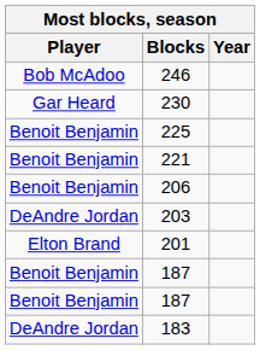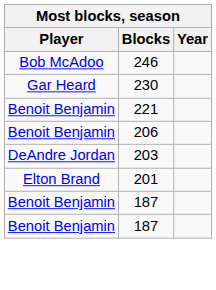 <table class="wikitable sortable" style="text-align:center">
 <tr>
 <th colspan="3">Most blocks, season</th>
 </tr>
 <tr>
 <th>Player</th>
 <th>Blocks</th>
 <th>Year</th>
 </tr>
 <tr>
 <td><a href='#'>Bob McAdoo</a></td>
 <td>246</td>
 <td></td>
 </tr>
 <tr>
 <td><a href='#'>Gar Heard</a></td>
 <td>230</td>
-<td></td>
-</tr>
-<tr>
-<td><a href='#'>Benoit Benjamin</a></td>
-<td>225</td>
 <td></td>
 </tr>
 <tr>
 <td><a href='#'>Benoit Benjamin</a></td>
 <td>221</td>
 <td></td>
 </tr>
 <tr>
 <td><a href='#'>Benoit Benjamin</a></td>
 <td>206</td>
 <td></td>
 </tr>
 <tr>
 <td><a href='#'>DeAndre Jordan</a></td>
 <td>203</td>
 <td></td>
 </tr>
 <tr>
 <td><a href='#'>Elton Brand</a></td>
 <td>201</td>
 <td></td>
 </tr>
 <tr>
 <td><a href='#'>Benoit Benjamin</a></td>
 <td>187</td>
 <td></td>
 </tr>
 <tr>
 <td><a href='#'>Benoit Benjamin</a></td>
 <td>187</td>
 <td></td>
 </tr>
-<tr>
-<td><a href='#'>DeAndre Jordan</a></td>
-<td>183</td>
-<td></td>
-</tr>
 </table>
